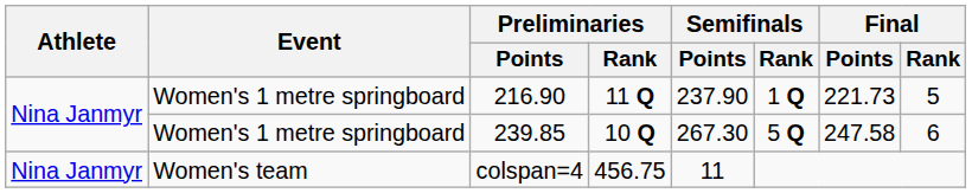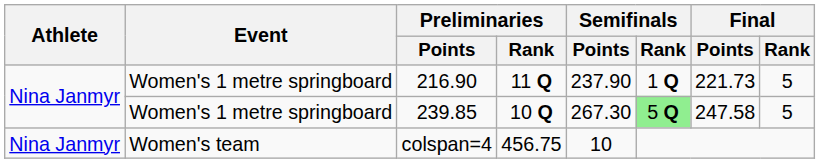 <table class="wikitable" style="text-align:center; font-size:90%;">
 <tr>
 <th rowspan=2>Athlete</th>
 <th rowspan=2>Event</th>
 <th colspan=2>Preliminaries</th>
 <th colspan=2>Semifinals</th>
 <th colspan=2>Final</th>
 </tr>
 <tr style="font-size:95%">
 <th>Points</th>
 <th>Rank</th>
 <th>Points</th>
 <th>Rank</th>
 <th>Points</th>
 <th>Rank</th>
 </tr>
 <tr>
 <td align=left rowspan=2><a href='#'>Nina Janmyr</a></td>
 <td align=left>Women's 1 metre springboard</td>
 <td>216.90</td>
 <td>11 <strong>Q</strong></td>
 <td>237.90</td>
 <td>1 <strong>Q</strong></td>
 <td>221.73</td>
 <td>5</td>
 </tr>
 <tr>
 <td align=left>Women's 1 metre springboard</td>
 <td>239.85</td>
 <td>10 <strong>Q</strong></td>
 <td>267.30</td>
-<td>5 <strong>Q</strong></td>
+<td style="background: lightgreen;">5 <strong>Q</strong></td>
 <td>247.58</td>
-<td>6</td>
+<td>5</td>
 </tr>
 <tr>
 <td align=left><a href='#'>Nina Janmyr</a></td>
 <td align=left>Women's team</td>
 <td>colspan=4 </td>
 <td>456.75</td>
-<td>11</td>
+<td>10</td>
 </tr>
 </table>
